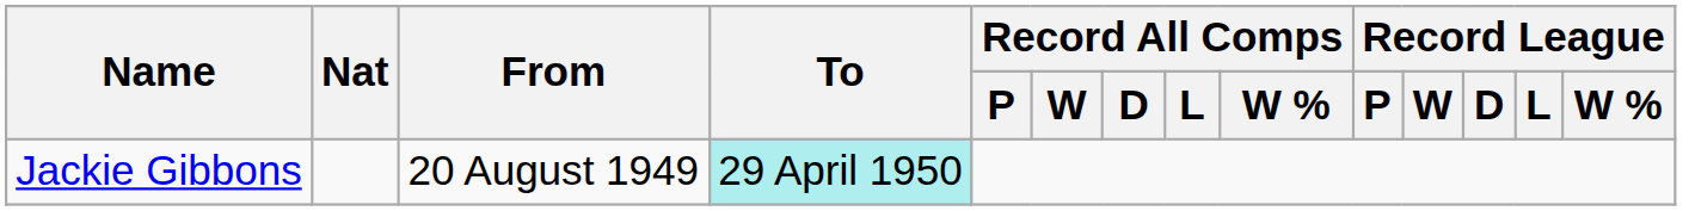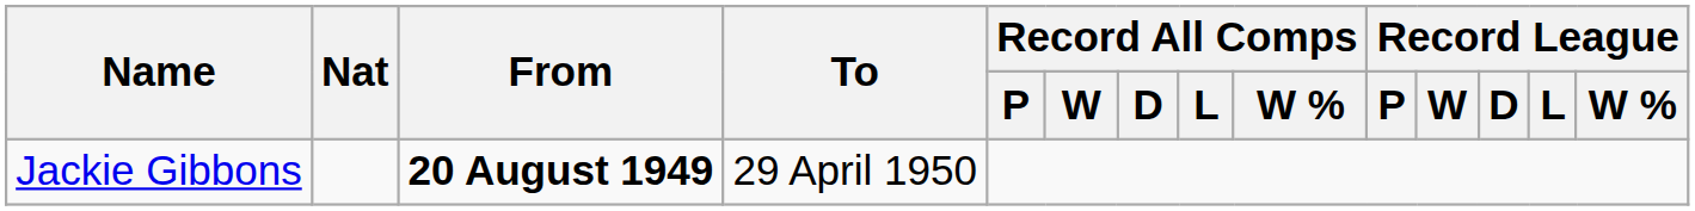 <table style="text-align: center" class="wikitable">
 <tr>
 <th rowspan="2">Name</th>
 <th rowspan="2">Nat</th>
 <th rowspan="2">From</th>
 <th rowspan="2">To</th>
 <th colspan="5">Record All Comps</th>
 <th colspan="5">Record League</th>
 </tr>
 <tr>
 <th>P</th>
 <th>W</th>
 <th>D</th>
 <th>L</th>
 <th>W %</th>
 <th>P</th>
 <th>W</th>
 <th>D</th>
 <th>L</th>
 <th>W %</th>
 </tr>
 <tr>
 <td style="text-align:left;"><a href='#'>Jackie Gibbons</a></td>
 <td></td>
-<td style="text-align:left;">20 August 1949</td>
-<td style="background: paleturquoise; text-align:left;">29 April 1950<br> </td>
+<td style="text-align:left;"><strong>20 August 1949</strong></td>
+<td style="text-align:left;">29 April 1950<br> </td>
 </tr>
 </table>
